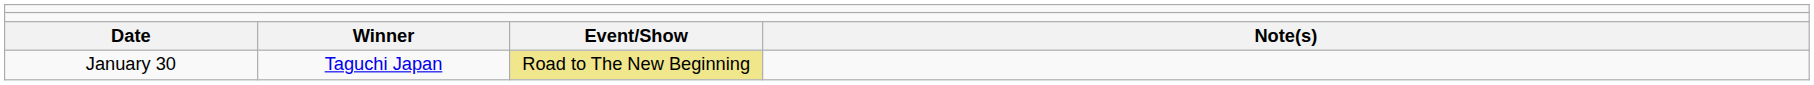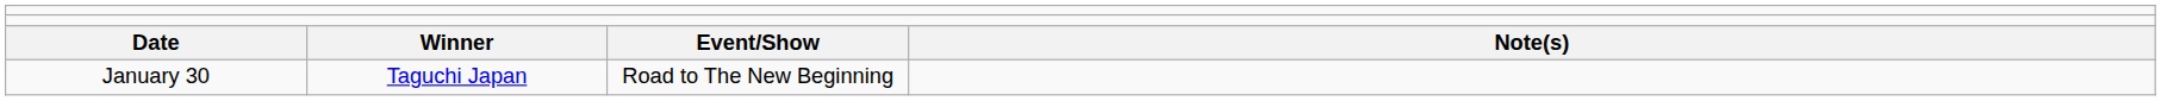 <table class="wikitable" style="text-align:center; width:100%;">
 <tr>
 <td colspan="4"></td>
 </tr>
 <tr>
 <td colspan="4"><strong></strong></td>
 </tr>
 <tr>
 <th width=14%>Date</th>
 <th width=14%>Winner</th>
 <th width=14%>Event/Show</th>
 <th width=58%>Note(s)</th>
 </tr>
 <tr>
 <td>January 30</td>
 <td><a href='#'>Taguchi Japan</a><br></td>
-<td style="background: khaki;">Road to The New Beginning</td>
+<td>Road to The New Beginning</td>
 <td></td>
 </tr>
 </table>
